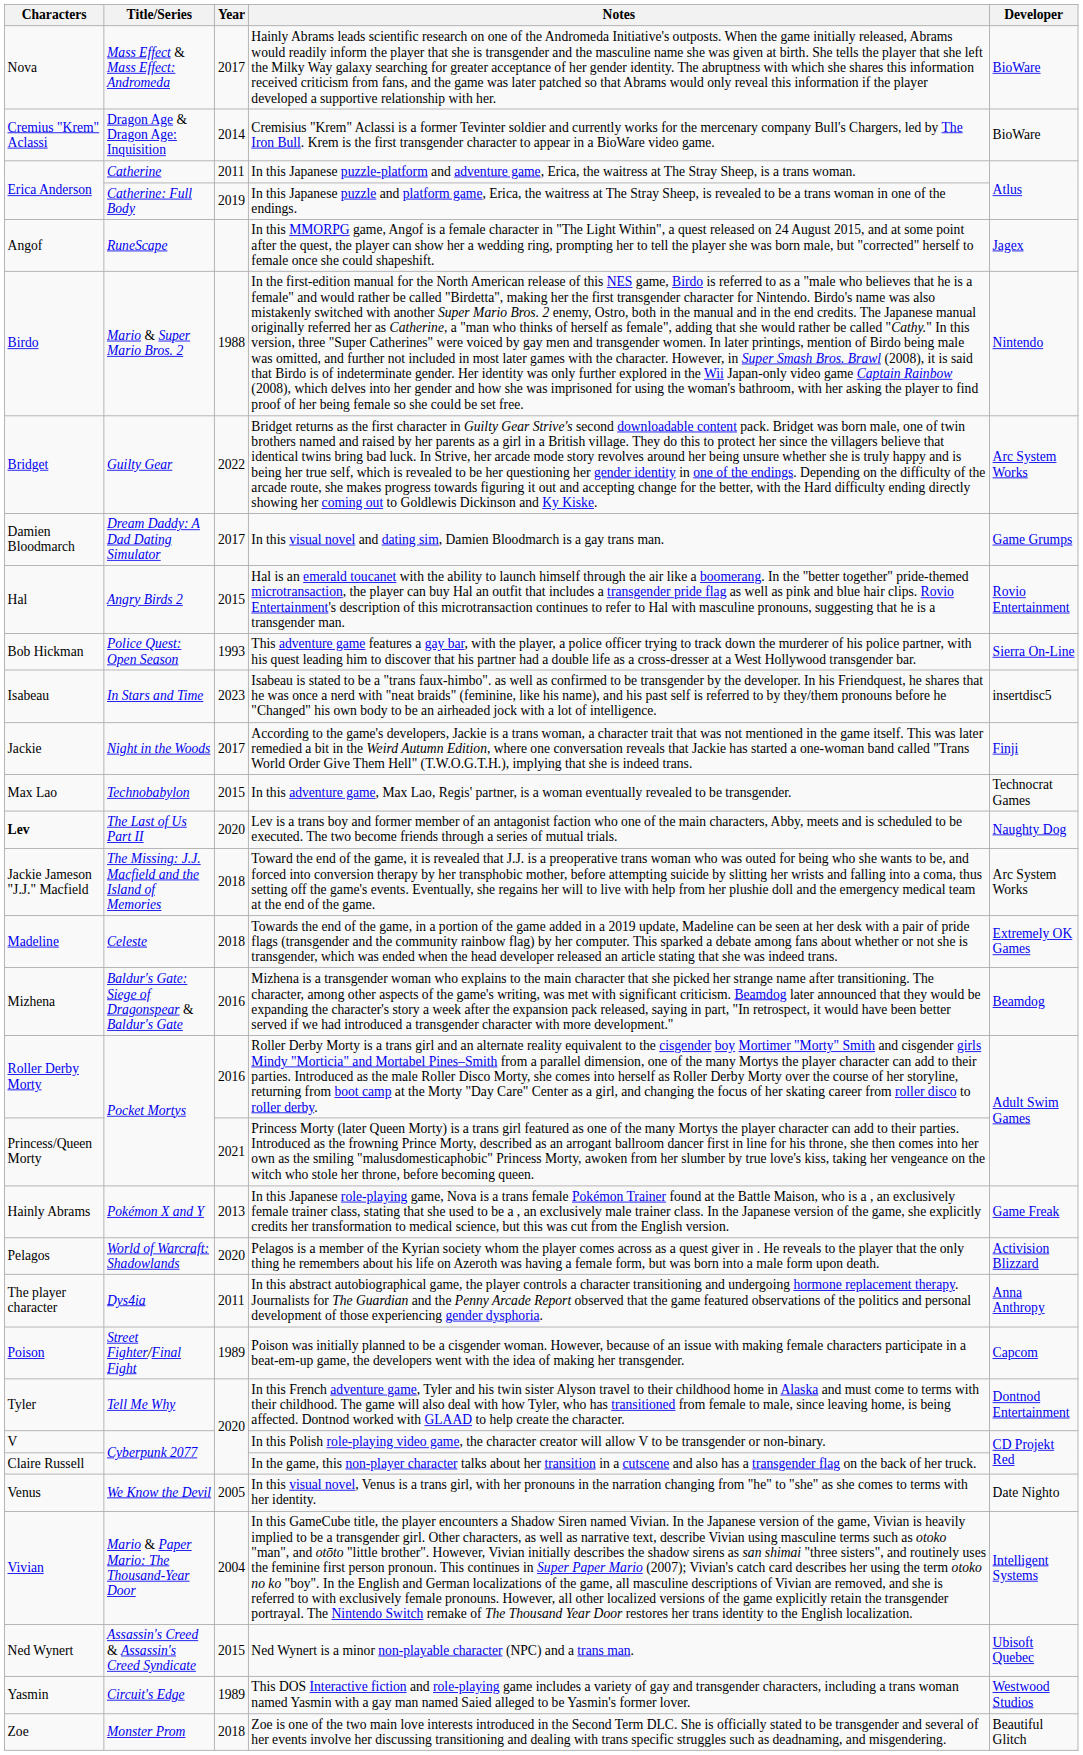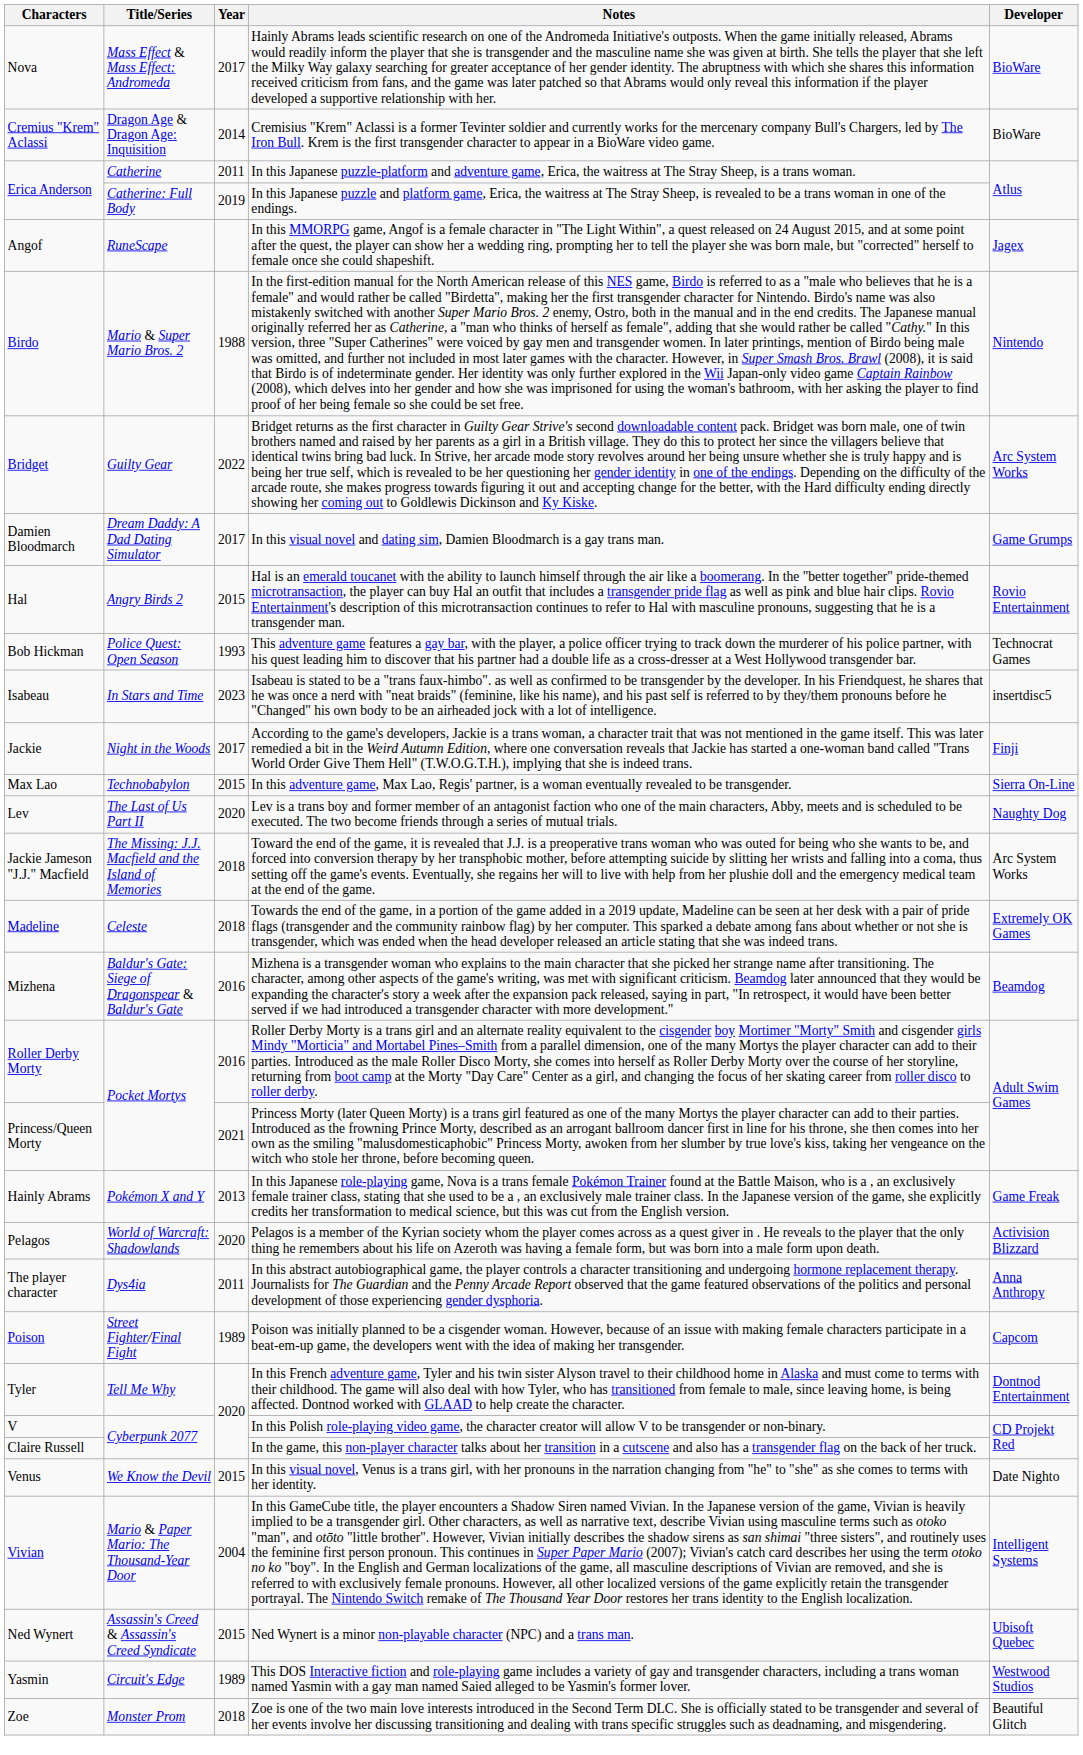 <table class="wikitable sortable collapsible" style="width: 100%">
 <tr>
 <th>Characters</th>
 <th>Title/Series</th>
 <th>Year</th>
 <th>Notes</th>
 <th>Developer</th>
 </tr>
 <tr>
 <td>Nova</td>
 <td><em><a href='#'>Mass Effect</a></em> & <em><a href='#'>Mass Effect: Andromeda</a></em></td>
 <td>2017</td>
 <td>Hainly Abrams leads scientific research on one of the Andromeda Initiative's outposts. When the game initially released, Abrams would readily inform the player that she is transgender and the masculine name she was given at birth. She tells the player that she left the Milky Way galaxy searching for greater acceptance of her gender identity. The abruptness with which she shares this information received criticism from fans, and the game was later patched so that Abrams would only reveal this information if the player developed a supportive relationship with her.</td>
 <td><a href='#'>BioWare</a></td>
 </tr>
 <tr>
 <td><a href='#'>Cremius "Krem" Aclassi</a></td>
 <td><a href='#'>Dragon Age</a> & <a href='#'>Dragon Age: Inquisition</a></td>
 <td>2014</td>
 <td>Cremisius "Krem" Aclassi is a former Tevinter soldier and currently works for the mercenary company Bull's Chargers, led by <a href='#'>The Iron Bull</a>. Krem is the first transgender character to appear in a BioWare video game.</td>
 <td>BioWare</td>
 </tr>
 <tr>
 <td rowspan="2"><a href='#'>Erica Anderson</a></td>
 <td><em><a href='#'>Catherine</a></em></td>
 <td>2011</td>
 <td>In this Japanese <a href='#'>puzzle-platform</a> and <a href='#'>adventure game</a>, Erica, the waitress at The Stray Sheep, is a trans woman.</td>
 <td rowspan="2"><a href='#'>Atlus</a></td>
 </tr>
 <tr>
 <td><em><a href='#'>Catherine: Full Body</a></em></td>
 <td>2019</td>
 <td>In this Japanese <a href='#'>puzzle</a> and <a href='#'>platform game</a>, Erica, the waitress at The Stray Sheep, is revealed to be a trans woman in one of the endings.</td>
 </tr>
 <tr>
 <td>Angof</td>
 <td><em><a href='#'>RuneScape</a></em></td>
 <td></td>
 <td>In this <a href='#'>MMORPG</a> game, Angof is a female character in "The Light Within", a quest released on 24 August 2015, and at some point after the quest, the player can show her a wedding ring, prompting her to tell the player she was born male, but "corrected" herself to female once she could shapeshift.</td>
 <td><a href='#'>Jagex</a></td>
 </tr>
 <tr>
 <td><a href='#'>Birdo</a></td>
 <td><em><a href='#'>Mario</a></em> & <em><a href='#'>Super Mario Bros. 2</a></em></td>
 <td>1988</td>
 <td>In the first-edition manual for the North American release of this <a href='#'>NES</a> game, <a href='#'>Birdo</a> is referred to as a "male who believes that he is a female" and would rather be called "Birdetta", making her the first transgender character for Nintendo. Birdo's name was also mistakenly switched with another <em>Super Mario Bros. 2</em> enemy, Ostro, both in the manual and in the end credits. The Japanese manual originally referred her as <em>Catherine,</em> a "man who thinks of herself as female", adding that she would rather be called "<em>Cathy.</em>" In this version, three "Super Catherines" were voiced by gay men and transgender women.  In later printings, mention of Birdo being male was omitted, and further not included in most later games with the character. However, in <em><a href='#'>Super Smash Bros. Brawl</a></em> (2008), it is said that Birdo is of indeterminate gender. Her identity was only further explored in the <a href='#'>Wii</a> Japan-only video game <em><a href='#'>Captain Rainbow</a></em> (2008), which delves into her gender and how she was imprisoned for using the woman's bathroom, with her asking the player to find proof of her being female so she could be set free.</td>
 <td><a href='#'>Nintendo</a></td>
 </tr>
 <tr>
 <td><a href='#'>Bridget</a></td>
 <td><em><a href='#'>Guilty Gear</a></em></td>
 <td>2022</td>
 <td>Bridget returns as the first character in <em>Guilty Gear Strive's</em> second <a href='#'>downloadable content</a> pack. Bridget was born male, one of twin brothers named and raised by her parents as a girl in a British village. They do this to protect her since the villagers believe that identical twins bring bad luck. In Strive, her arcade mode story revolves around her being unsure whether she is truly happy and is being her true self, which is revealed to be her questioning her <a href='#'>gender identity</a> in <a href='#'>one of the endings</a>. Depending on the difficulty of the arcade route, she makes progress towards figuring it out and accepting change for the better, with the Hard difficulty ending directly showing her <a href='#'>coming out</a> to Goldlewis Dickinson and <a href='#'>Ky Kiske</a>.</td>
 <td><a href='#'>Arc System Works</a></td>
 </tr>
 <tr>
 <td>Damien Bloodmarch</td>
 <td><em><a href='#'>Dream Daddy: A Dad Dating Simulator</a></em></td>
 <td>2017</td>
 <td>In this <a href='#'>visual novel</a> and <a href='#'>dating sim</a>, Damien Bloodmarch is a gay trans man.</td>
 <td><a href='#'>Game Grumps</a></td>
 </tr>
 <tr>
 <td>Hal</td>
 <td><em><a href='#'>Angry Birds 2</a></em></td>
 <td>2015</td>
 <td>Hal is an <a href='#'>emerald toucanet</a> with the ability to launch himself through the air like a <a href='#'>boomerang</a>. In the "better together" pride-themed <a href='#'>microtransaction</a>, the player can buy Hal an outfit that includes a <a href='#'>transgender pride flag</a> as well as pink and blue hair clips. <a href='#'>Rovio Entertainment</a>'s description of this microtransaction continues to refer to Hal with masculine pronouns, suggesting that he is a transgender man.</td>
 <td><a href='#'>Rovio Entertainment</a></td>
 </tr>
 <tr>
 <td>Bob Hickman</td>
 <td><em><a href='#'>Police Quest: Open Season</a></em></td>
 <td>1993</td>
 <td>This <a href='#'>adventure game</a> features a <a href='#'>gay bar</a>, with the player, a police officer trying to track down the murderer of his police partner, with his quest leading him to discover that his partner had a double life as a cross-dresser at a West Hollywood transgender bar.</td>
-<td><a href='#'>Sierra On-Line</a></td>
+<td>Technocrat Games</td>
 </tr>
 <tr>
 <td>Isabeau</td>
 <td><em><a href='#'>In Stars and Time</a></em></td>
 <td>2023</td>
 <td>Isabeau is stated to be a "trans faux-himbo". as well as confirmed to be transgender by the developer. In his Friendquest, he shares that he was once a nerd with "neat braids" (feminine, like his name), and his past self is referred to by they/them pronouns before he "Changed" his own body to be an airheaded jock with a lot of intelligence.</td>
 <td>insertdisc5</td>
 </tr>
 <tr>
 <td>Jackie</td>
 <td><em><a href='#'>Night in the Woods</a></em></td>
 <td>2017</td>
 <td>According to the game's developers, Jackie is a trans woman, a character trait that was not mentioned in the game itself. This was later remedied a bit in the <em>Weird Autumn Edition</em>, where one conversation reveals that Jackie has started a one-woman band called "Trans World Order Give Them Hell" (T.W.O.G.T.H.), implying that she is indeed trans.</td>
 <td><a href='#'>Finji</a></td>
 </tr>
 <tr>
 <td>Max Lao</td>
 <td><em><a href='#'>Technobabylon</a></em></td>
 <td>2015</td>
 <td>In this <a href='#'>adventure game</a>, Max Lao, Regis' partner, is a woman eventually revealed to be transgender.</td>
-<td>Technocrat Games</td>
+<td><a href='#'>Sierra On-Line</a></td>
 </tr>
 <tr>
-<td><strong>Lev</strong></td>
+<td>Lev</td>
 <td><em><a href='#'>The Last of Us Part II</a></em></td>
 <td>2020</td>
 <td>Lev is a trans boy and former member of an antagonist faction who one of the main characters, Abby, meets and is scheduled to be executed. The two become friends through a series of mutual trials.</td>
 <td><a href='#'>Naughty Dog</a></td>
 </tr>
 <tr>
 <td>Jackie Jameson "J.J." Macfield</td>
 <td><em><a href='#'>The Missing: J.J. Macfield and the Island of Memories</a></em></td>
 <td>2018</td>
 <td>Toward the end of the game, it is revealed that J.J. is a preoperative trans woman who was outed for being who she wants to be, and forced into conversion therapy by her transphobic mother, before attempting suicide by slitting her wrists and falling into a coma, thus setting off the game's events. Eventually, she regains her will to live with help from her plushie doll and the emergency medical team at the end of the game.</td>
 <td>Arc System Works</td>
 </tr>
 <tr>
 <td><a href='#'>Madeline</a></td>
 <td><em><a href='#'>Celeste</a></em></td>
 <td>2018</td>
 <td>Towards the end of the game, in a portion of the game added in a 2019 update, Madeline can be seen at her desk with a pair of pride flags (transgender and the community rainbow flag) by her computer. This sparked a debate among fans about whether or not she is transgender, which was ended when the head developer released an article stating that she was indeed trans.</td>
 <td><a href='#'>Extremely OK Games</a></td>
 </tr>
 <tr>
 <td>Mizhena</td>
 <td><em><a href='#'>Baldur's Gate: Siege of Dragonspear</a></em> & <em><a href='#'>Baldur's Gate</a></em></td>
 <td>2016</td>
 <td>Mizhena is a transgender woman who explains to the main character that she picked her strange name after transitioning. The character, among other aspects of the game's writing, was met with significant criticism. <a href='#'>Beamdog</a> later announced that they would be expanding the character's story a week after the expansion pack released, saying in part, "In retrospect, it would have been better served if we had introduced a transgender character with more development."</td>
 <td><a href='#'>Beamdog</a></td>
 </tr>
 <tr>
 <td><a href='#'>Roller Derby Morty</a></td>
 <td rowspan="2"><em><a href='#'>Pocket Mortys</a></em></td>
 <td>2016</td>
 <td>Roller Derby Morty is a trans girl and an alternate reality equivalent to the <a href='#'>cisgender</a> <a href='#'>boy</a> <a href='#'>Mortimer "Morty" Smith</a> and cisgender <a href='#'>girls</a> <a href='#'>Mindy "Morticia" and Mortabel Pines–Smith</a> from a parallel dimension, one of the many Mortys the player character can add to their parties. Introduced as the male Roller Disco Morty, she comes into herself as Roller Derby Morty over the course of her storyline, returning from <a href='#'>boot camp</a> at the Morty "Day Care" Center as a girl, and changing the focus of her skating career from <a href='#'>roller disco</a> to <a href='#'>roller derby</a>.</td>
 <td rowspan="2"><a href='#'>Adult Swim Games</a></td>
 </tr>
 <tr>
 <td>Princess/Queen Morty</td>
 <td>2021</td>
 <td>Princess Morty (later Queen Morty) is a trans girl featured as one of the many Mortys the player character can add to their parties. Introduced as the frowning Prince Morty, described as an arrogant ballroom dancer first in line for his throne, she then comes into her own as the smiling "malusdomesticaphobic" Princess Morty, awoken from her slumber by true love's kiss, taking her vengeance on the witch who stole her throne, before becoming queen.</td>
 </tr>
 <tr>
 <td>Hainly Abrams</td>
 <td><em><a href='#'>Pokémon X and Y</a></em></td>
 <td>2013</td>
 <td>In this Japanese <a href='#'>role-playing</a> game, Nova is a trans female <a href='#'>Pokémon Trainer</a> found at the Battle Maison, who is a , an exclusively female trainer class, stating that she used to be a , an exclusively male trainer class. In the Japanese version of the game, she explicitly credits her transformation to medical science, but this was cut from the English version.</td>
 <td><a href='#'>Game Freak</a></td>
 </tr>
 <tr>
 <td>Pelagos</td>
 <td><em><a href='#'>World of Warcraft: Shadowlands</a></em></td>
 <td>2020</td>
 <td>Pelagos is a member of the Kyrian society whom the player comes across as a quest giver in . He reveals to the player that the only thing he remembers about his life on Azeroth was having a female form, but was born into a male form upon death.</td>
 <td><a href='#'>Activision Blizzard</a></td>
 </tr>
 <tr>
 <td>The player character</td>
 <td><em><a href='#'>Dys4ia</a></em></td>
 <td>2011</td>
 <td>In this abstract autobiographical game, the player controls a character transitioning and undergoing <a href='#'>hormone replacement therapy</a>. Journalists for <em>The Guardian</em> and the <em>Penny Arcade Report</em> observed that the game featured observations of the politics and personal development of those experiencing <a href='#'>gender dysphoria</a>.</td>
 <td><a href='#'>Anna Anthropy</a></td>
 </tr>
 <tr>
 <td><a href='#'>Poison</a></td>
 <td><em><a href='#'>Street Fighter</a>/<a href='#'>Final Fight</a></em></td>
 <td>1989</td>
 <td>Poison was initially planned to be a cisgender woman. However, because of an issue with making female characters participate in a beat-em-up game, the developers went with the idea of making her transgender.</td>
 <td><a href='#'>Capcom</a></td>
 </tr>
 <tr>
 <td>Tyler</td>
 <td><em><a href='#'>Tell Me Why</a></em></td>
 <td rowspan="3">2020</td>
 <td>In this French <a href='#'>adventure game</a>, Tyler and his twin sister Alyson travel to their childhood home in <a href='#'>Alaska</a> and must come to terms with their childhood. The game will also deal with how Tyler, who has <a href='#'>transitioned</a> from female to male, since leaving home, is being affected. Dontnod worked with <a href='#'>GLAAD</a> to help create the character.</td>
 <td><a href='#'>Dontnod Entertainment</a></td>
 </tr>
 <tr>
 <td>V</td>
 <td rowspan="2"><em><a href='#'>Cyberpunk 2077</a></em></td>
 <td>In this Polish <a href='#'>role-playing video game</a>, the character creator will allow V to be transgender or non-binary.</td>
 <td rowspan="2"><a href='#'>CD Projekt Red</a></td>
 </tr>
 <tr>
 <td>Claire Russell</td>
 <td>In the game, this <a href='#'>non-player character</a> talks about her <a href='#'>transition</a> in a <a href='#'>cutscene</a> and also has a <a href='#'>transgender flag</a> on the back of her truck.</td>
 </tr>
 <tr>
 <td>Venus</td>
 <td><em><a href='#'>We Know the Devil</a></em></td>
-<td>2005</td>
+<td>2015</td>
 <td>In this <a href='#'>visual novel</a>, Venus is a trans girl, with her pronouns in the narration changing from "he" to "she" as she comes to terms with her identity.</td>
 <td>Date Nighto</td>
 </tr>
 <tr>
 <td><a href='#'>Vivian</a></td>
 <td><em><a href='#'>Mario</a></em> & <em><a href='#'>Paper Mario: The Thousand-Year Door</a></em></td>
 <td>2004</td>
 <td>In this GameCube title, the player encounters a Shadow Siren named Vivian. In the Japanese version of the game, Vivian is heavily implied to be a transgender girl. Other characters, as well as narrative text, describe Vivian using masculine terms such as <em>otoko</em> "man", and <em>otōto</em> "little brother". However, Vivian initially describes the shadow sirens as <em>san shimai</em> "three sisters", and routinely uses the feminine first person pronoun. This continues in <em><a href='#'>Super Paper Mario</a></em> (2007); Vivian's catch card describes her using the term <em>otoko no ko</em> "boy". In the English and German localizations of the game, all masculine descriptions of Vivian are removed, and she is referred to with exclusively female pronouns. However, all other localized versions of the game explicitly retain the transgender portrayal. The <a href='#'>Nintendo Switch</a> remake of <em>The Thousand Year Door</em> restores her trans identity to the English localization.</td>
 <td><a href='#'>Intelligent Systems</a></td>
 </tr>
 <tr>
 <td>Ned Wynert</td>
 <td><em><a href='#'>Assassin's Creed</a></em> & <em><a href='#'>Assassin's Creed Syndicate</a></em></td>
 <td>2015</td>
 <td>Ned Wynert is a minor <a href='#'>non-playable character</a> (NPC) and a <a href='#'>trans man</a>.</td>
 <td><a href='#'>Ubisoft Quebec</a></td>
 </tr>
 <tr>
 <td>Yasmin</td>
 <td><em><a href='#'>Circuit's Edge</a></em></td>
 <td>1989</td>
 <td>This DOS <a href='#'>Interactive fiction</a> and <a href='#'>role-playing</a> game includes a variety of gay and transgender characters, including a trans woman named Yasmin with a gay man named Saied alleged to be Yasmin's former lover.</td>
 <td><a href='#'>Westwood Studios</a></td>
 </tr>
 <tr>
 <td>Zoe</td>
 <td><em><a href='#'>Monster Prom</a></em></td>
 <td>2018</td>
 <td>Zoe is one of the two main love interests introduced in the Second Term DLC. She is officially stated to be transgender and several of her events involve her discussing transitioning and dealing with trans specific struggles such as deadnaming, and misgendering.</td>
 <td>Beautiful Glitch</td>
 </tr>
 </table>
